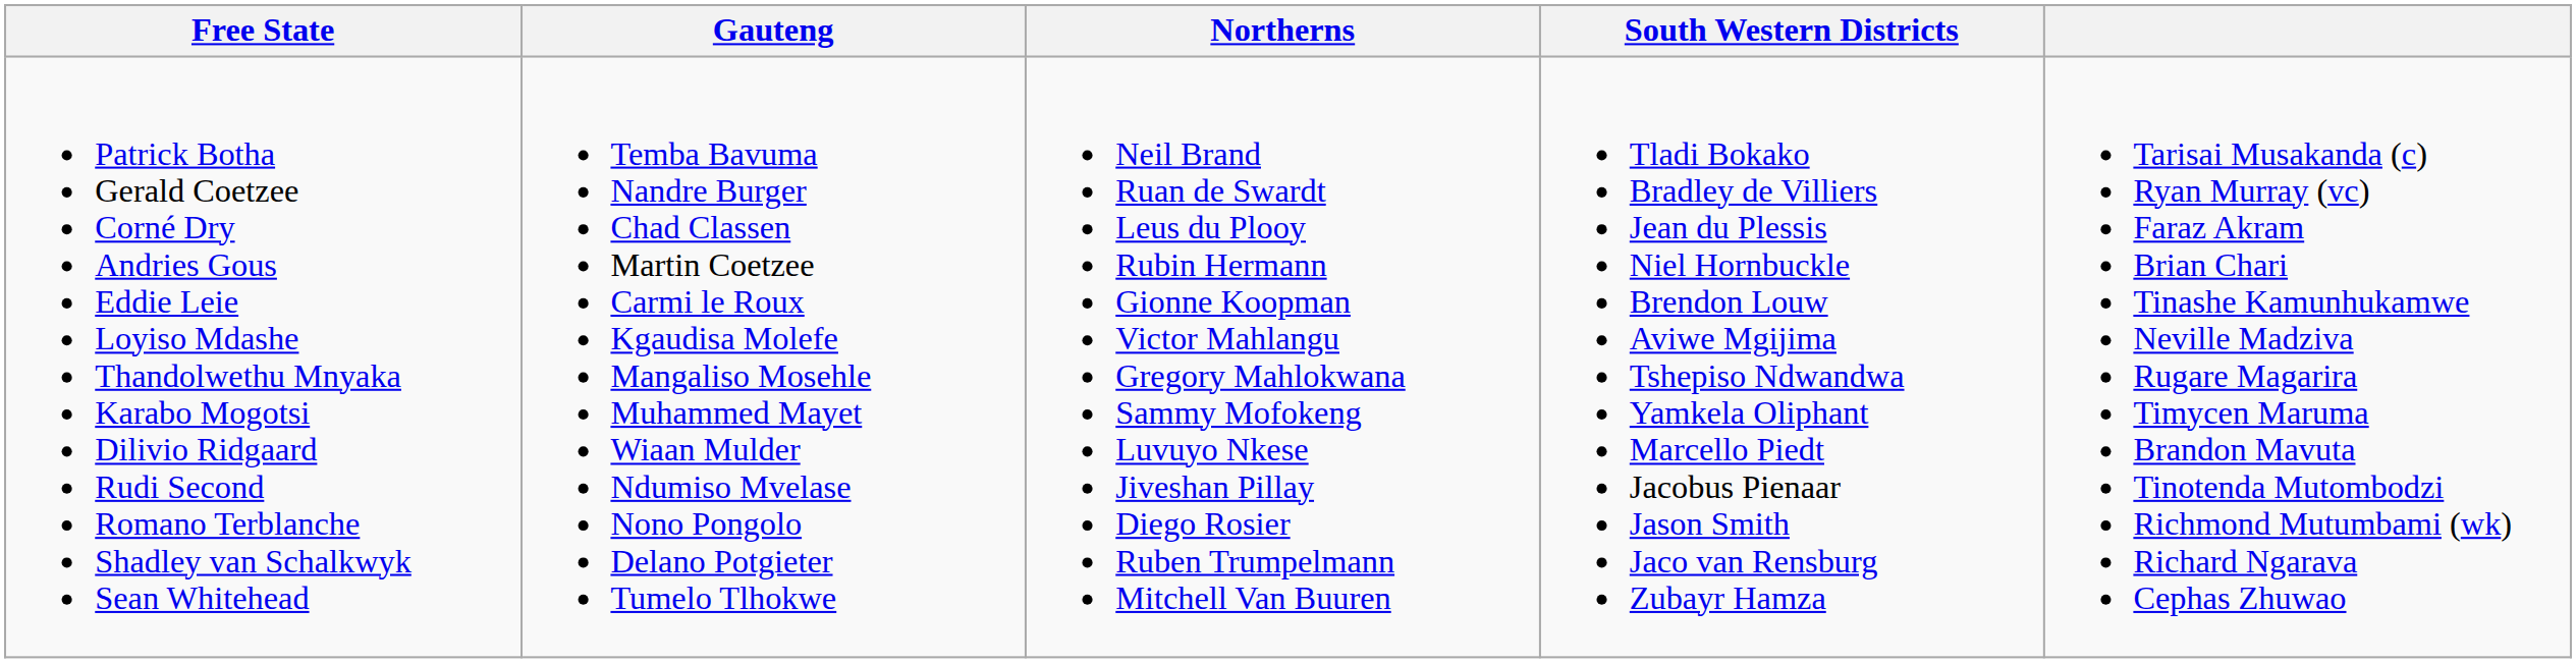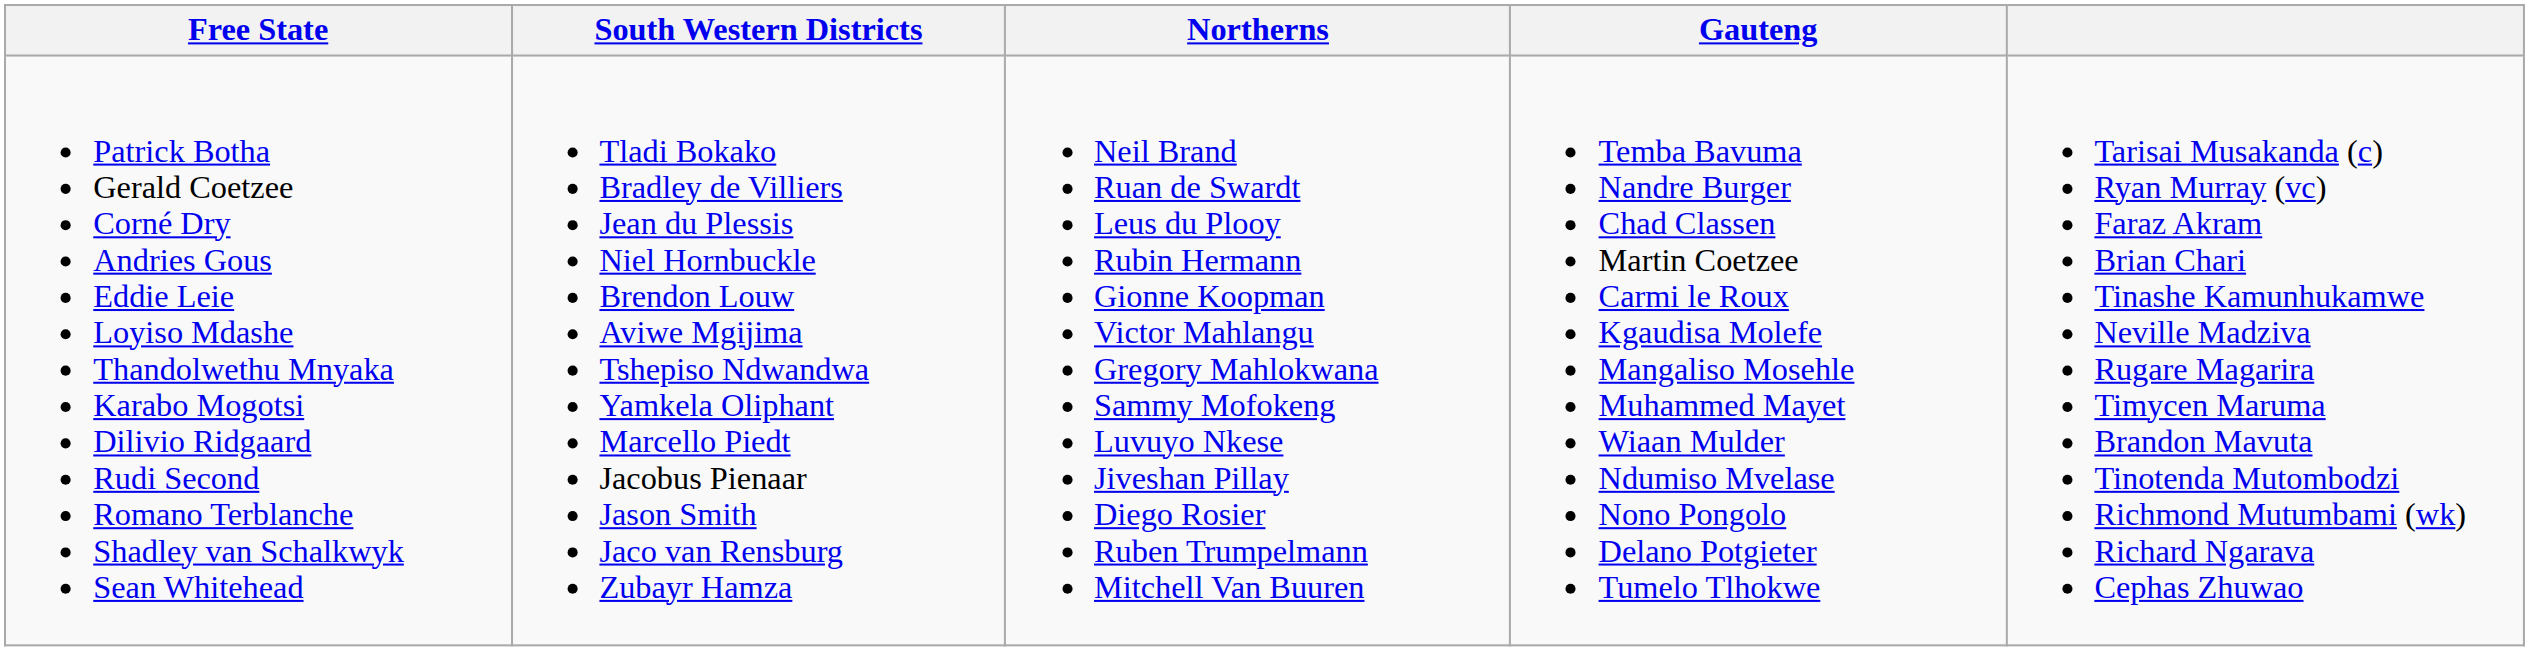 <table class="wikitable">
 <tr>
 <th width=300> <a href='#'>Free State</a></th>
+<th width=300> <a href='#'>South Western Districts</a></th>
+<th width=300> <a href='#'>Northerns</a></th>
 <th width=300> <a href='#'>Gauteng</a></th>
-<th width=300> <a href='#'>Northerns</a></th>
-<th width=300> <a href='#'>South Western Districts</a></th>
 <th width=300></th>
 </tr>
 <tr>
 <td valign=top><br><ul><li><a href='#'>Patrick Botha</a></li><li>Gerald Coetzee</li><li><a href='#'>Corné Dry</a></li><li><a href='#'>Andries Gous</a></li><li><a href='#'>Eddie Leie</a></li><li><a href='#'>Loyiso Mdashe</a></li><li><a href='#'>Thandolwethu Mnyaka</a></li><li><a href='#'>Karabo Mogotsi</a></li><li><a href='#'>Dilivio Ridgaard</a></li><li><a href='#'>Rudi Second</a></li><li><a href='#'>Romano Terblanche</a></li><li><a href='#'>Shadley van Schalkwyk</a></li><li><a href='#'>Sean Whitehead</a></li></ul></td>
+<td><br><ul><li><a href='#'>Tladi Bokako</a></li><li><a href='#'>Bradley de Villiers</a></li><li><a href='#'>Jean du Plessis</a></li><li><a href='#'>Niel Hornbuckle</a></li><li><a href='#'>Brendon Louw</a></li><li><a href='#'>Aviwe Mgijima</a></li><li><a href='#'>Tshepiso Ndwandwa</a></li><li><a href='#'>Yamkela Oliphant</a></li><li><a href='#'>Marcello Piedt</a></li><li>Jacobus Pienaar</li><li><a href='#'>Jason Smith</a></li><li><a href='#'>Jaco van Rensburg</a></li><li><a href='#'>Zubayr Hamza</a></li></ul></td>
+<td><br><ul><li><a href='#'>Neil Brand</a></li><li><a href='#'>Ruan de Swardt</a></li><li><a href='#'>Leus du Plooy</a></li><li><a href='#'>Rubin Hermann</a></li><li><a href='#'>Gionne Koopman</a></li><li><a href='#'>Victor Mahlangu</a></li><li><a href='#'>Gregory Mahlokwana</a></li><li><a href='#'>Sammy Mofokeng</a></li><li><a href='#'>Luvuyo Nkese</a></li><li><a href='#'>Jiveshan Pillay</a></li><li><a href='#'>Diego Rosier</a></li><li><a href='#'>Ruben Trumpelmann</a></li><li><a href='#'>Mitchell Van Buuren</a></li></ul></td>
 <td><br><ul><li><a href='#'>Temba Bavuma</a></li><li><a href='#'>Nandre Burger</a></li><li><a href='#'>Chad Classen</a></li><li>Martin Coetzee</li><li><a href='#'>Carmi le Roux</a></li><li><a href='#'>Kgaudisa Molefe</a></li><li><a href='#'>Mangaliso Mosehle</a></li><li><a href='#'>Muhammed Mayet</a></li><li><a href='#'>Wiaan Mulder</a></li><li><a href='#'>Ndumiso Mvelase</a></li><li><a href='#'>Nono Pongolo</a></li><li><a href='#'>Delano Potgieter</a></li><li><a href='#'>Tumelo Tlhokwe</a></li></ul></td>
-<td><br><ul><li><a href='#'>Neil Brand</a></li><li><a href='#'>Ruan de Swardt</a></li><li><a href='#'>Leus du Plooy</a></li><li><a href='#'>Rubin Hermann</a></li><li><a href='#'>Gionne Koopman</a></li><li><a href='#'>Victor Mahlangu</a></li><li><a href='#'>Gregory Mahlokwana</a></li><li><a href='#'>Sammy Mofokeng</a></li><li><a href='#'>Luvuyo Nkese</a></li><li><a href='#'>Jiveshan Pillay</a></li><li><a href='#'>Diego Rosier</a></li><li><a href='#'>Ruben Trumpelmann</a></li><li><a href='#'>Mitchell Van Buuren</a></li></ul></td>
-<td><br><ul><li><a href='#'>Tladi Bokako</a></li><li><a href='#'>Bradley de Villiers</a></li><li><a href='#'>Jean du Plessis</a></li><li><a href='#'>Niel Hornbuckle</a></li><li><a href='#'>Brendon Louw</a></li><li><a href='#'>Aviwe Mgijima</a></li><li><a href='#'>Tshepiso Ndwandwa</a></li><li><a href='#'>Yamkela Oliphant</a></li><li><a href='#'>Marcello Piedt</a></li><li>Jacobus Pienaar</li><li><a href='#'>Jason Smith</a></li><li><a href='#'>Jaco van Rensburg</a></li><li><a href='#'>Zubayr Hamza</a></li></ul></td>
 <td><br><ul><li><a href='#'>Tarisai Musakanda</a> (<a href='#'>c</a>)</li><li><a href='#'>Ryan Murray</a> (<a href='#'>vc</a>)</li><li><a href='#'>Faraz Akram</a></li><li><a href='#'>Brian Chari</a></li><li><a href='#'>Tinashe Kamunhukamwe</a></li><li><a href='#'>Neville Madziva</a></li><li><a href='#'>Rugare Magarira</a></li><li><a href='#'>Timycen Maruma</a></li><li><a href='#'>Brandon Mavuta</a></li><li><a href='#'>Tinotenda Mutombodzi</a></li><li><a href='#'>Richmond Mutumbami</a> (<a href='#'>wk</a>)</li><li><a href='#'>Richard Ngarava</a></li><li><a href='#'>Cephas Zhuwao</a></li></ul></td>
 </tr>
 </table>
